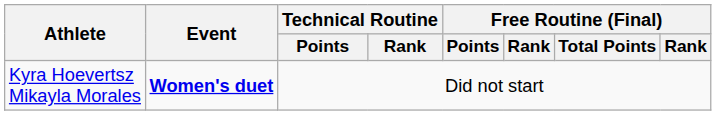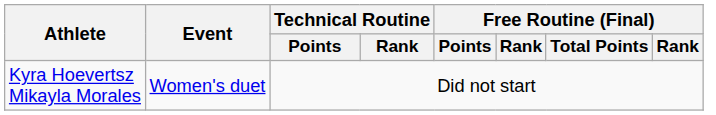 <table class=wikitable style="font-size:90%">
 <tr>
 <th rowspan="2">Athlete</th>
 <th rowspan="2">Event</th>
 <th colspan="2">Technical Routine</th>
 <th colspan="4">Free Routine (Final)</th>
 </tr>
 <tr style="font-size:95%">
 <th>Points</th>
 <th>Rank</th>
 <th>Points</th>
 <th>Rank</th>
 <th>Total Points</th>
 <th>Rank</th>
 </tr>
 <tr align=center>
 <td align=left><a href='#'>Kyra Hoevertsz</a><br><a href='#'>Mikayla Morales</a></td>
-<td align=left><strong><a href='#'>Women's duet</a></strong></td>
+<td align=left><a href='#'>Women's duet</a></td>
 <td colspan="6">Did not start</td>
 </tr>
 </table>
